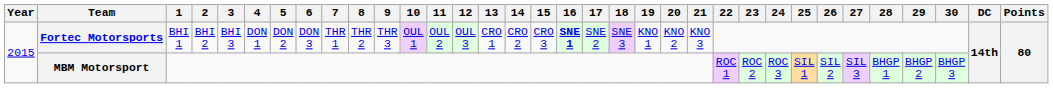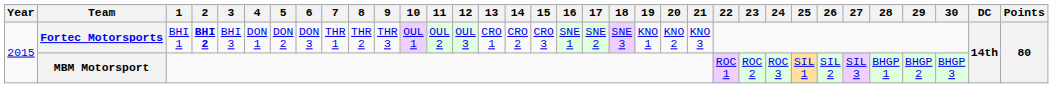 <table class="wikitable" style="text-align:center; font-size:85%">
 <tr>
 <th>Year</th>
 <th>Team</th>
 <th>1</th>
 <th>2</th>
 <th>3</th>
 <th>4</th>
 <th>5</th>
 <th>6</th>
 <th>7</th>
 <th>8</th>
 <th>9</th>
 <th>10</th>
 <th>11</th>
 <th>12</th>
 <th>13</th>
 <th>14</th>
 <th>15</th>
 <th>16</th>
 <th>17</th>
 <th>18</th>
 <th>19</th>
 <th>20</th>
 <th>21</th>
 <th>22</th>
 <th>23</th>
 <th>24</th>
 <th>25</th>
 <th>26</th>
 <th>27</th>
 <th>28</th>
 <th>29</th>
 <th>30</th>
 <th>DC</th>
 <th>Points</th>
 </tr>
 <tr>
 <td rowspan=2><a href='#'>2015</a></td>
 <th nowrap><a href='#'>Fortec Motorsports</a></th>
 <td style="background:#;"><a href='#'>BHI<br>1</a></td>
-<td style="background:#;"><a href='#'>BHI<br>2</a></td>
+<td style="background:#;"><strong><a href='#'>BHI<br>2</a></strong></td>
 <td style="background:#;"><a href='#'>BHI<br>3</a></td>
 <td style="background:#;"><a href='#'>DON<br>1</a></td>
 <td style="background:#;"><a href='#'>DON<br>2</a></td>
 <td style="background:#;"><a href='#'>DON<br>3</a></td>
 <td style="background:#;"><a href='#'>THR<br>1</a></td>
 <td style="background:#;"><a href='#'>THR<br>2</a></td>
 <td style="background:#;"><a href='#'>THR<br>3</a></td>
 <td style="background:#EFCFFF;"><a href='#'>OUL<br>1</a><br></td>
 <td style="background:#DFFFDF;"><a href='#'>OUL<br>2</a><br></td>
 <td style="background:#DFFFDF;"><a href='#'>OUL<br>3</a><br></td>
 <td style="background:#;"><a href='#'>CRO<br>1</a></td>
 <td style="background:#;"><a href='#'>CRO<br>2</a></td>
 <td style="background:#;"><a href='#'>CRO<br>3</a></td>
-<td style="background:#DFFFDF;"><strong><a href='#'>SNE<br>1</a><br></strong></td>
+<td style="background:#DFFFDF;"><a href='#'>SNE<br>1</a><br></td>
 <td style="background:#DFFFDF;"><a href='#'>SNE<br>2</a><br></td>
 <td style="background:#EFCFFF;"><a href='#'>SNE<br>3</a><br></td>
 <td style="background:#;"><a href='#'>KNO<br>1</a></td>
 <td style="background:#;"><a href='#'>KNO<br>2</a></td>
 <td style="background:#;"><a href='#'>KNO<br>3</a></td>
 <td colspan=9></td>
 <th rowspan=2>14th</th>
 <th rowspan=2>80</th>
 </tr>
 <tr>
 <th nowrap>MBM Motorsport</th>
 <td colspan=21></td>
 <td style="background:#EFCFFF;"><a href='#'>ROC<br>1</a><br></td>
 <td style="background:#DFFFDF;"><a href='#'>ROC<br>2</a><br></td>
 <td style="background:#DFFFDF;"><a href='#'>ROC<br>3</a><br></td>
 <td style="background:#FFDF9F;"><a href='#'>SIL<br>1</a><br></td>
 <td style="background:#DFFFDF;"><a href='#'>SIL<br>2</a><br></td>
 <td style="background:#EFCFFF;"><a href='#'>SIL<br>3</a><br></td>
 <td style="background:#DFFFDF;"><a href='#'>BHGP<br>1</a><br></td>
 <td style="background:#DFFFDF;"><a href='#'>BHGP<br>2</a><br></td>
 <td style="background:#DFFFDF;"><a href='#'>BHGP<br>3</a><br></td>
 </tr>
 </table>
